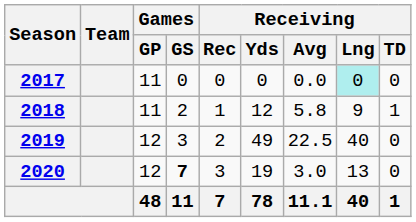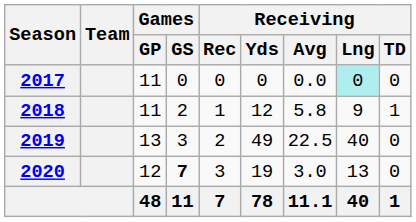 <table class="wikitable" style="text-align:center;">
 <tr>
 <th rowspan="2">Season</th>
 <th rowspan="2">Team</th>
 <th colspan="2">Games</th>
 <th colspan="5">Receiving</th>
 </tr>
 <tr>
 <th>GP</th>
 <th>GS</th>
 <th>Rec</th>
 <th>Yds</th>
 <th>Avg</th>
 <th>Lng</th>
 <th>TD</th>
 </tr>
 <tr>
 <th><a href='#'>2017</a></th>
 <th><a href='#'></a></th>
 <td>11</td>
 <td>0</td>
 <td>0</td>
 <td>0</td>
 <td>0.0</td>
 <td style="background: paleturquoise;">0</td>
 <td>0</td>
 </tr>
 <tr>
 <th><a href='#'>2018</a></th>
 <th><a href='#'></a></th>
 <td>11</td>
 <td>2</td>
 <td>1</td>
 <td>12</td>
 <td>5.8</td>
 <td>9</td>
 <td>1</td>
 </tr>
 <tr>
 <th><a href='#'>2019</a></th>
 <th><a href='#'></a></th>
-<td>12</td>
+<td>13</td>
 <td>3</td>
 <td>2</td>
 <td>49</td>
 <td>22.5</td>
 <td>40</td>
 <td>0</td>
 </tr>
 <tr>
 <th><a href='#'>2020</a></th>
 <th><a href='#'></a></th>
 <td>12</td>
 <td><strong>7</strong></td>
 <td>3</td>
 <td>19</td>
 <td>3.0</td>
 <td>13</td>
 <td>0</td>
 </tr>
 <tr>
 <th colspan="2"></th>
 <th>48</th>
 <th>11</th>
 <th>7</th>
 <th>78</th>
 <th>11.1</th>
 <th>40</th>
 <th>1</th>
 </tr>
 </table>
